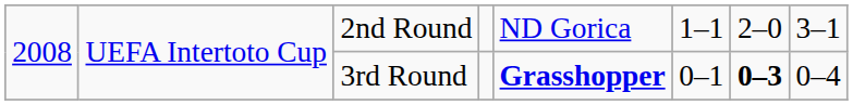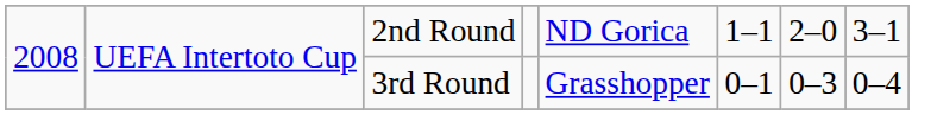 <table class="wikitable">
 <tr>
 <td rowspan=2><a href='#'>2008</a></td>
 <td rowspan=2><a href='#'>UEFA Intertoto Cup</a></td>
 <td>2nd Round</td>
 <td></td>
 <td><a href='#'>ND Gorica</a></td>
 <td>1–1</td>
 <td>2–0</td>
 <td>3–1</td>
 </tr>
 <tr>
 <td>3rd Round</td>
 <td></td>
-<td><strong><a href='#'>Grasshopper</a></strong></td>
+<td><a href='#'>Grasshopper</a></td>
 <td>0–1</td>
-<td><strong>0–3</strong></td>
+<td>0–3</td>
 <td>0–4</td>
 </tr>
 </table>
